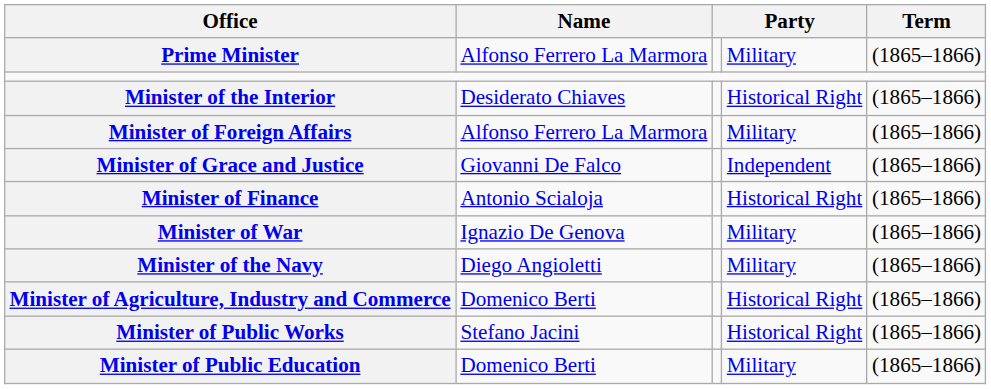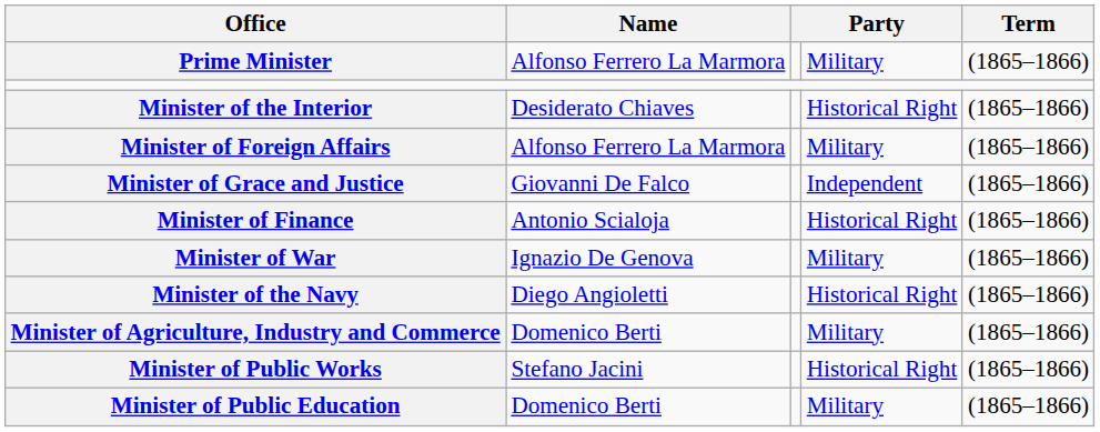 <table class="wikitable" style="font-size: 100%;">
 <tr>
 <th>Office</th>
 <th>Name</th>
 <th colspan=2>Party</th>
 <th>Term</th>
 </tr>
 <tr>
 <th><a href='#'>Prime Minister</a></th>
 <td><a href='#'>Alfonso Ferrero La Marmora</a></td>
 <td style="color:inherit;background:"></td>
 <td><a href='#'>Military</a></td>
 <td>(1865–1866)</td>
 </tr>
 <tr>
 <td colspan=5></td>
 </tr>
 <tr>
 <th><a href='#'>Minister of the Interior</a></th>
 <td><a href='#'>Desiderato Chiaves</a></td>
 <td style="color:inherit;background:"></td>
 <td><a href='#'>Historical Right</a></td>
 <td>(1865–1866)</td>
 </tr>
 <tr>
 <th><a href='#'>Minister of Foreign Affairs</a></th>
 <td><a href='#'>Alfonso Ferrero La Marmora</a></td>
 <td style="color:inherit;background:"></td>
 <td><a href='#'>Military</a></td>
 <td>(1865–1866)</td>
 </tr>
 <tr>
 <th><a href='#'>Minister of Grace and Justice</a></th>
 <td><a href='#'>Giovanni De Falco</a></td>
 <td style="color:inherit;background:"></td>
 <td><a href='#'>Independent</a></td>
 <td>(1865–1866)</td>
 </tr>
 <tr>
 <th><a href='#'>Minister of Finance</a></th>
 <td><a href='#'>Antonio Scialoja</a></td>
 <td style="color:inherit;background:"></td>
 <td><a href='#'>Historical Right</a></td>
 <td>(1865–1866)</td>
 </tr>
 <tr>
 <th><a href='#'>Minister of War</a></th>
 <td><a href='#'>Ignazio De Genova</a></td>
 <td style="color:inherit;background:"></td>
 <td><a href='#'>Military</a></td>
 <td>(1865–1866)</td>
 </tr>
 <tr>
 <th><a href='#'>Minister of the Navy</a></th>
 <td><a href='#'>Diego Angioletti</a></td>
 <td style="color:inherit;background:"></td>
-<td><a href='#'>Military</a></td>
+<td><a href='#'>Historical Right</a></td>
 <td>(1865–1866)</td>
 </tr>
 <tr>
 <th><a href='#'>Minister of Agriculture, Industry and Commerce</a></th>
 <td><a href='#'>Domenico Berti</a></td>
 <td style="color:inherit;background:"></td>
-<td><a href='#'>Historical Right</a></td>
+<td><a href='#'>Military</a></td>
 <td>(1865–1866)</td>
 </tr>
 <tr>
 <th><a href='#'>Minister of Public Works</a></th>
 <td><a href='#'>Stefano Jacini</a></td>
 <td style="color:inherit;background:"></td>
 <td><a href='#'>Historical Right</a></td>
 <td>(1865–1866)</td>
 </tr>
 <tr>
 <th><a href='#'>Minister of Public Education</a></th>
 <td><a href='#'>Domenico Berti</a></td>
 <td style="color:inherit;background:"></td>
 <td><a href='#'>Military</a></td>
 <td>(1865–1866)</td>
 </tr>
 </table>
